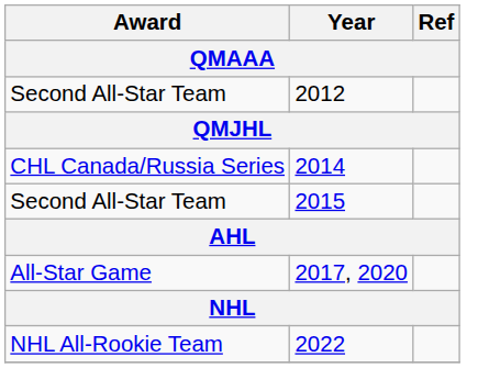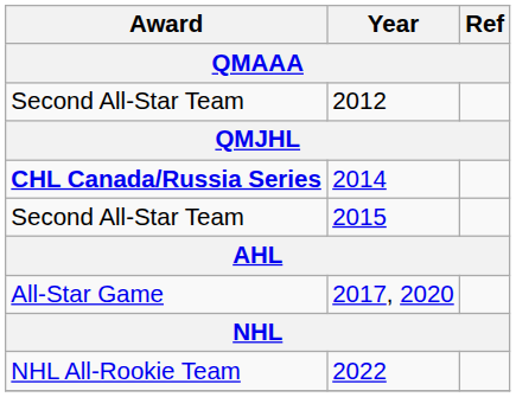 <table class="wikitable">
 <tr>
 <th>Award</th>
 <th>Year</th>
 <th>Ref</th>
 </tr>
 <tr>
 <th colspan="3"><a href='#'>QMAAA</a></th>
 </tr>
 <tr>
 <td>Second All-Star Team</td>
 <td>2012</td>
 <td></td>
 </tr>
 <tr>
 <th colspan="3"><a href='#'>QMJHL</a></th>
 </tr>
 <tr>
-<td><a href='#'>CHL Canada/Russia Series</a></td>
+<td><strong><a href='#'>CHL Canada/Russia Series</a></strong></td>
 <td><a href='#'>2014</a></td>
 <td></td>
 </tr>
 <tr>
 <td>Second All-Star Team</td>
 <td><a href='#'>2015</a></td>
 <td></td>
 </tr>
 <tr>
 <th colspan="3"><a href='#'>AHL</a></th>
 </tr>
 <tr>
 <td><a href='#'>All-Star Game</a></td>
 <td><a href='#'>2017</a>, <a href='#'>2020</a></td>
 <td></td>
 </tr>
 <tr>
 <th colspan="3"><a href='#'>NHL</a></th>
 </tr>
 <tr>
 <td><a href='#'>NHL All-Rookie Team</a></td>
 <td><a href='#'>2022</a></td>
 <td></td>
 </tr>
 <tr>
 </tr>
 </table>
